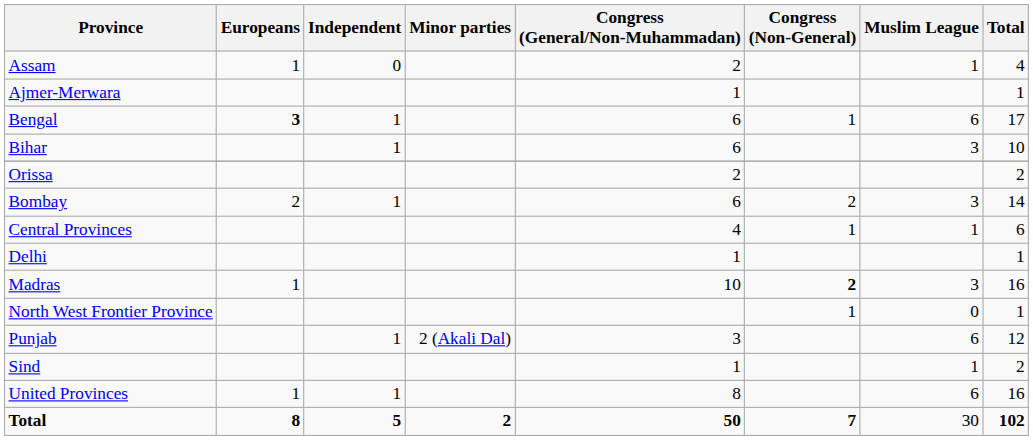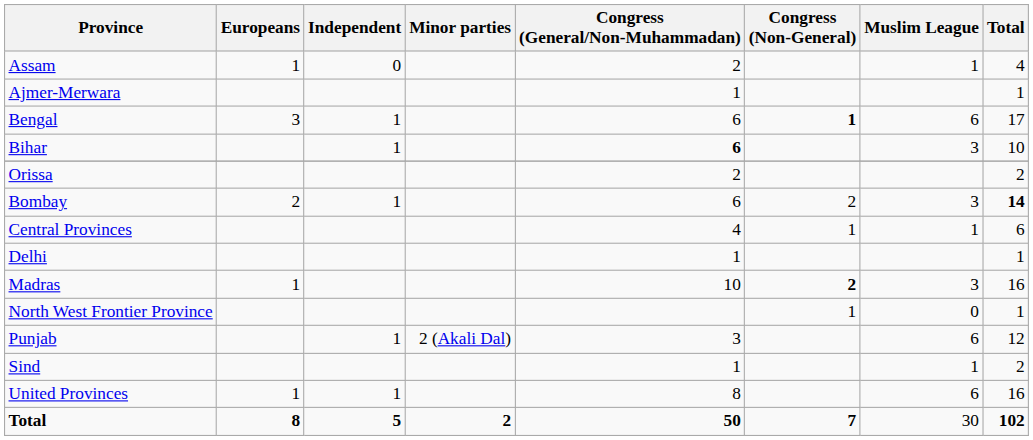 <table class=wikitable style=text-align:right>
 <tr>
 <th>Province</th>
 <th>Europeans</th>
 <th>Independent</th>
 <th>Minor parties</th>
 <th>Congress<br> (General/Non-Muhammadan)</th>
 <th>Congress<br> (Non-General)</th>
 <th>Muslim League</th>
 <th>Total</th>
 </tr>
 <tr>
 <td align=left><a href='#'>Assam</a></td>
 <td>1</td>
 <td>0</td>
 <td></td>
 <td>2</td>
 <td></td>
 <td>1</td>
 <td>4</td>
 </tr>
 <tr>
 <td align=left><a href='#'>Ajmer-Merwara</a></td>
 <td></td>
 <td></td>
 <td></td>
 <td>1</td>
 <td></td>
 <td></td>
 <td>1</td>
 </tr>
 <tr>
 <td align=left><a href='#'>Bengal</a></td>
-<td><strong>3</strong></td>
+<td>3</td>
 <td>1</td>
 <td></td>
 <td>6</td>
-<td>1</td>
+<td><strong>1</strong></td>
 <td>6</td>
 <td>17</td>
 </tr>
 <tr>
 <td align=left><a href='#'>Bihar</a></td>
 <td></td>
 <td>1</td>
 <td></td>
-<td>6</td>
+<td><strong>6</strong></td>
 <td></td>
 <td>3</td>
 <td>10</td>
 </tr>
 <tr>
 </tr>
 <tr>
 <td align=left><a href='#'>Orissa</a></td>
 <td></td>
 <td></td>
 <td></td>
 <td>2</td>
 <td></td>
 <td></td>
 <td>2</td>
 </tr>
 <tr>
 <td align=left><a href='#'>Bombay</a></td>
 <td>2</td>
 <td>1</td>
 <td></td>
 <td>6</td>
 <td>2</td>
 <td>3</td>
-<td>14</td>
+<td><strong>14</strong></td>
 </tr>
 <tr>
 <td align=left><a href='#'>Central Provinces</a></td>
 <td></td>
 <td></td>
 <td></td>
 <td>4</td>
 <td>1</td>
 <td>1</td>
 <td>6</td>
 </tr>
 <tr>
 <td align=left><a href='#'>Delhi</a></td>
 <td></td>
 <td></td>
 <td></td>
 <td>1</td>
 <td></td>
 <td></td>
 <td>1</td>
 </tr>
 <tr>
 <td align=left><a href='#'>Madras</a></td>
 <td>1</td>
 <td></td>
 <td></td>
 <td>10</td>
 <td><strong>2</strong></td>
 <td>3</td>
 <td>16</td>
 </tr>
 <tr>
 <td align=left><a href='#'>North West Frontier Province</a></td>
 <td></td>
 <td></td>
 <td></td>
 <td></td>
 <td>1</td>
 <td>0</td>
 <td>1</td>
 </tr>
 <tr>
 <td align=left><a href='#'>Punjab</a></td>
 <td></td>
 <td>1</td>
 <td>2 (<a href='#'>Akali Dal</a>)</td>
 <td>3</td>
 <td></td>
 <td>6</td>
 <td>12</td>
 </tr>
 <tr>
 <td align=left><a href='#'>Sind</a></td>
 <td></td>
 <td></td>
 <td></td>
 <td>1</td>
 <td></td>
 <td>1</td>
 <td>2</td>
 </tr>
 <tr>
 <td align=left><a href='#'>United Provinces</a></td>
 <td>1</td>
 <td>1</td>
 <td></td>
 <td>8</td>
 <td></td>
 <td>6</td>
 <td>16</td>
 </tr>
 <tr>
 <td align=left><strong>Total</strong></td>
 <td><strong>8</strong></td>
 <td><strong>5</strong></td>
 <td><strong>2</strong></td>
 <td><strong>50</strong></td>
 <td><strong>7</strong></td>
 <td>30</td>
 <td><strong>102</strong></td>
 </tr>
 </table>
